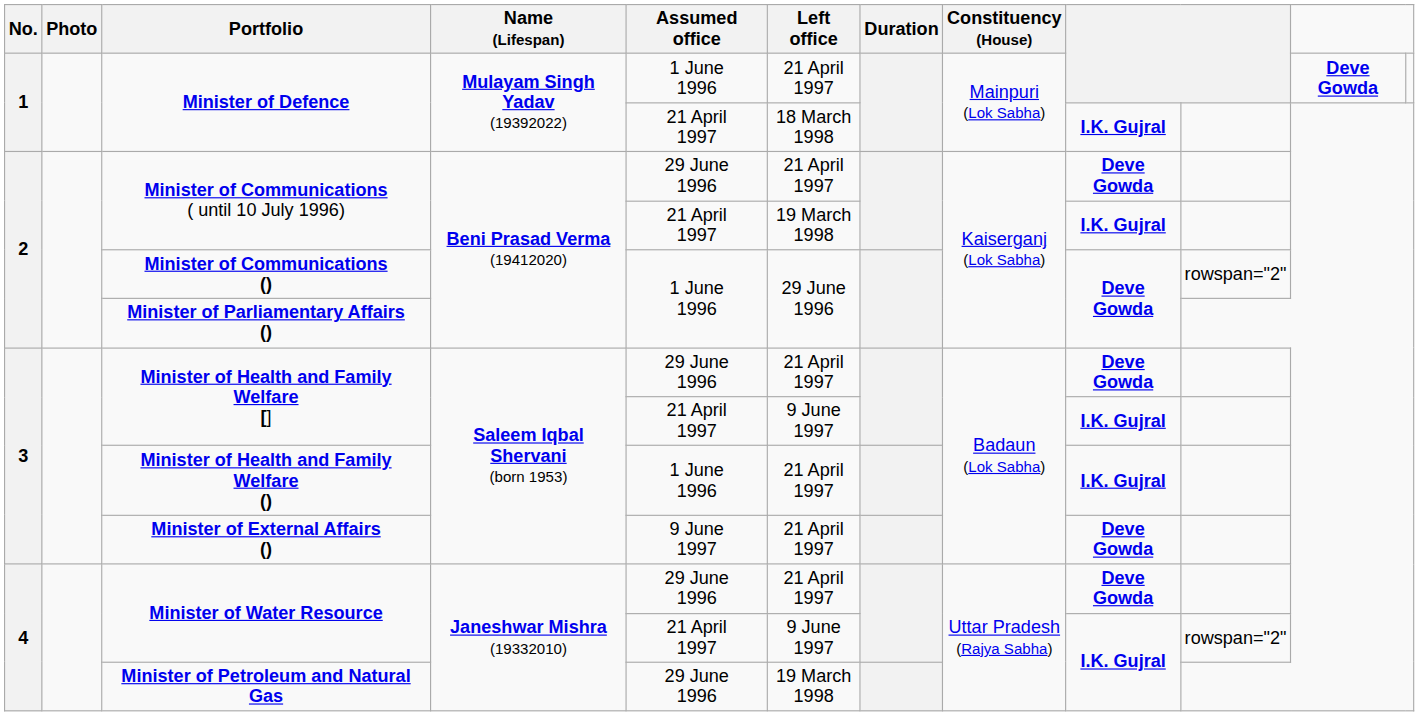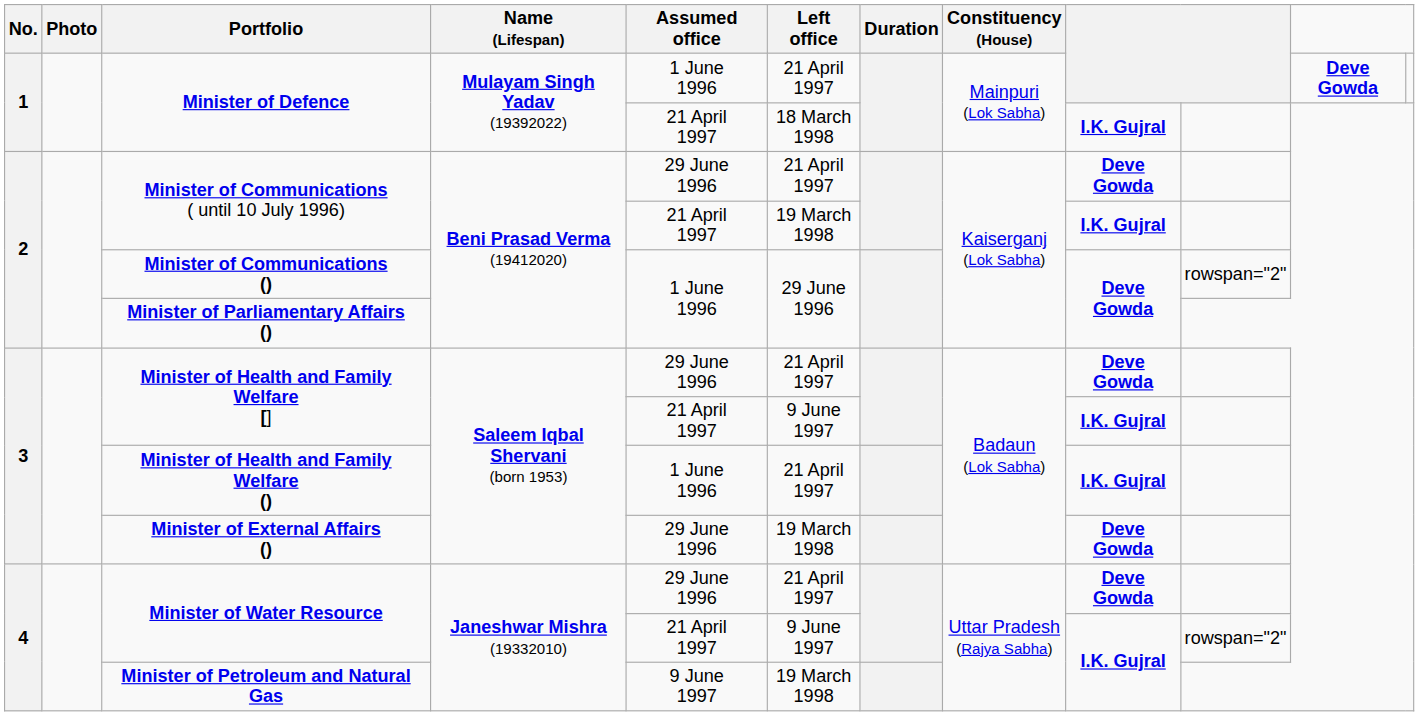 <table class="wikitable sortable" style="text-align:center;">
 <tr>
 <th Style="background-color:">No.</th>
 <th Style="background-color:">Photo</th>
 <th Style="background-color:">Portfolio</th>
 <th Style="background-color:">Name<br><small>(Lifespan)</small></th>
 <th Style="background-color:">Assumed office</th>
 <th Style="background-color:">Left office</th>
 <th Style="background-color:">Duration</th>
 <th Style="background-color:">Constituency<br><small>(House)</small></th>
 <th rowspan=2 colspan=2 Style="background-color:"><a href='#'></a></th>
 </tr>
 <tr>
 <th rowspan="2">1</th>
 <td rowspan="2"></td>
 <td rowspan="2"><strong><a href='#'>Minister of Defence</a></strong></td>
 <td rowspan="2"><strong><a href='#'>Mulayam Singh Yadav</a></strong><br><small>(19392022)</small></td>
 <td>1 June<br>1996</td>
 <td>21 April<br>1997</td>
 <th rowspan="2"></th>
 <td rowspan="2"><a href='#'>Mainpuri</a><br><small>(<a href='#'>Lok Sabha</a>)</small></td>
 <td><strong><a href='#'>Deve Gowda</a></strong></td>
 <td></td>
 </tr>
 <tr>
 <td>21 April<br>1997</td>
 <td>18 March<br>1998</td>
 <td><strong><a href='#'>I.K. Gujral</a></strong></td>
 <td></td>
 </tr>
 <tr>
 <th rowspan="4">2</th>
 <td rowspan="4"></td>
 <td rowspan="2"><strong><a href='#'>Minister of Communications</a></strong><br>(<strong></strong> until 10 July 1996)</td>
 <td rowspan="4"><strong><a href='#'>Beni Prasad Verma</a></strong><br><small>(19412020)</small></td>
 <td>29 June<br>1996</td>
 <td>21 April<br>1997</td>
 <th rowspan="2"></th>
 <td rowspan="4"><a href='#'>Kaiserganj</a><br><small>(<a href='#'>Lok Sabha</a>)</small></td>
 <td><strong><a href='#'>Deve Gowda</a></strong></td>
 <td></td>
 </tr>
 <tr>
 <td>21 April<br>1997</td>
 <td>19 March<br>1998</td>
 <td><strong><a href='#'>I.K. Gujral</a></strong></td>
 <td></td>
 </tr>
 <tr>
 <td><strong><a href='#'>Minister of Communications</a></strong><br><strong>()</strong></td>
 <td rowspan="2">1 June<br>1996</td>
 <td rowspan="2">29 June<br>1996</td>
 <th rowspan="2"></th>
 <td rowspan="2"><strong><a href='#'>Deve Gowda</a></strong></td>
 <td>rowspan="2" </td>
 </tr>
 <tr>
 <td><strong><a href='#'>Minister of Parliamentary Affairs</a></strong><br><strong>()</strong></td>
 </tr>
 <tr>
 <th rowspan="4">3</th>
 <td rowspan="4"></td>
 <td rowspan="2"><strong><a href='#'>Minister of Health and Family Welfare</a></strong><br><strong>[</strong>]</td>
 <td rowspan="4"><strong><a href='#'>Saleem Iqbal Shervani</a></strong><br><small>(born 1953)</small></td>
 <td>29 June<br>1996</td>
 <td>21 April<br>1997</td>
 <th rowspan="2"></th>
 <td rowspan="4"><a href='#'>Badaun</a><br><small>(<a href='#'>Lok Sabha</a>)</small></td>
 <td><strong><a href='#'>Deve Gowda</a></strong></td>
 <td></td>
 </tr>
 <tr>
 <td>21 April<br>1997</td>
 <td>9 June <br>1997</td>
 <td><strong><a href='#'>I.K. Gujral</a></strong></td>
 <td></td>
 </tr>
 <tr>
 <td><strong><a href='#'>Minister of Health and Family Welfare</a></strong><br><strong>()</strong></td>
 <td>1 June<br>1996</td>
 <td>21 April<br>1997</td>
 <th></th>
 <td><strong><a href='#'>I.K. Gujral</a></strong></td>
 <td></td>
 </tr>
 <tr>
 <td><strong><a href='#'>Minister of External Affairs</a></strong><br><strong>()</strong></td>
-<td>9 June<br>1997</td>
-<td>21 April<br>1997</td>
+<td>29 June<br>1996</td>
+<td>19 March<br>1998</td>
 <th></th>
 <td><strong><a href='#'>Deve Gowda</a></strong></td>
 <td></td>
 </tr>
 <tr>
 <th rowspan="3">4</th>
 <td rowspan="3"></td>
 <td rowspan="2"><strong><a href='#'>Minister of Water Resource</a></strong></td>
 <td rowspan="3"><strong><a href='#'>Janeshwar Mishra</a></strong><br><small>(19332010)</small></td>
 <td>29 June<br>1996</td>
 <td>21 April<br>1997</td>
 <th rowspan="2"></th>
 <td rowspan="3"><a href='#'>Uttar Pradesh</a><br><small>(<a href='#'>Rajya Sabha</a>)</small></td>
 <td><strong><a href='#'>Deve Gowda</a></strong></td>
 <td></td>
 </tr>
 <tr>
 <td>21 April<br>1997</td>
 <td>9 June <br>1997</td>
 <td rowspan="2"><strong><a href='#'>I.K. Gujral</a></strong></td>
 <td>rowspan="2" </td>
 </tr>
 <tr>
 <td><strong><a href='#'>Minister of Petroleum and Natural Gas</a></strong></td>
-<td>29 June<br>1996</td>
+<td>9 June<br>1997</td>
 <td>19 March<br>1998</td>
 <th></th>
 </tr>
 </table>
